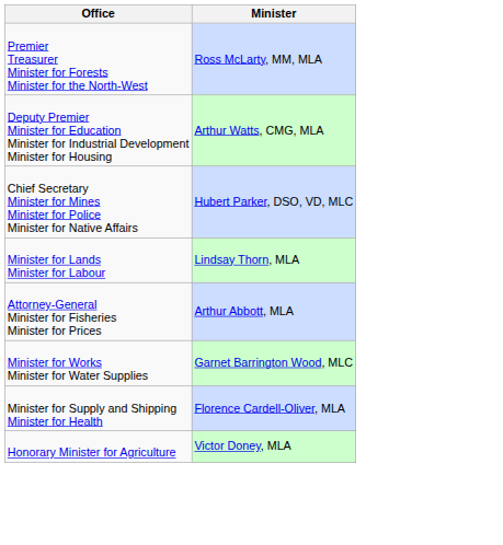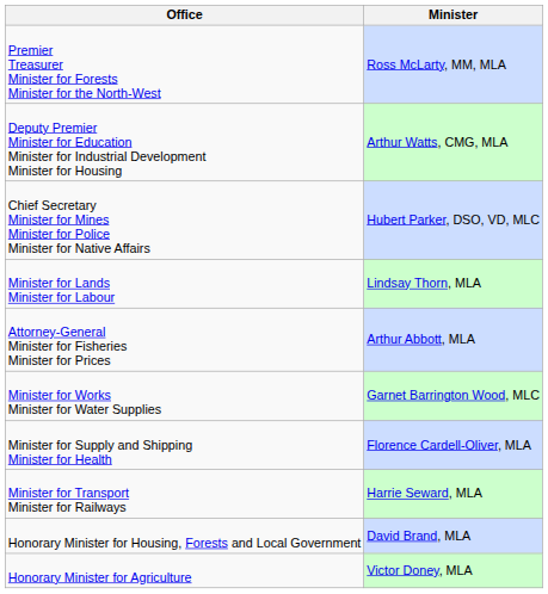 <table class="wikitable">
 <tr>
 <th>Office</th>
 <th>Minister</th>
 </tr>
 <tr>
 <td><br><a href='#'>Premier</a><br> <a href='#'>Treasurer</a><br> <a href='#'>Minister for Forests</a><br> <a href='#'>Minister for the North-West</a><br></td>
 <td style="background:#CCDDFF"><a href='#'>Ross McLarty</a>, MM, MLA</td>
 </tr>
 <tr>
 <td><br><a href='#'>Deputy Premier</a><br> <a href='#'>Minister for Education</a><br> Minister for Industrial Development<br> Minister for Housing<br></td>
 <td style="background:#CCFFCC"><a href='#'>Arthur Watts</a>, CMG, MLA</td>
 </tr>
 <tr>
 <td><br>Chief Secretary<br> <a href='#'>Minister for Mines</a><br> <a href='#'>Minister for Police</a><br> Minister for Native Affairs<br></td>
 <td style="background:#CCDDFF"><a href='#'>Hubert Parker</a>, DSO, VD, MLC</td>
 </tr>
 <tr>
 <td><br><a href='#'>Minister for Lands</a><br> <a href='#'>Minister for Labour</a><br></td>
 <td style="background:#CCFFCC"><a href='#'>Lindsay Thorn</a>, MLA</td>
 </tr>
 <tr>
 <td><br><a href='#'>Attorney-General</a><br> Minister for Fisheries<br> Minister for Prices<br></td>
 <td style="background:#CCDDFF"><a href='#'>Arthur Abbott</a>, MLA</td>
 </tr>
 <tr>
 <td><br><a href='#'>Minister for Works</a><br> Minister for Water Supplies<br></td>
 <td style="background:#CCFFCC"><a href='#'>Garnet Barrington Wood</a>, MLC</td>
 </tr>
 <tr>
 <td><br>Minister for Supply and Shipping<br> <a href='#'>Minister for Health</a><br></td>
 <td style="background:#CCDDFF"><a href='#'>Florence Cardell-Oliver</a>, MLA</td>
 </tr>
 <tr>
+<td><br><a href='#'>Minister for Transport</a><br> Minister for Railways<br></td>
+<td style="background:#CCFFCC"><a href='#'>Harrie Seward</a>, MLA</td>
+</tr>
+<tr>
+<td><br>Honorary Minister for Housing, <a href='#'>Forests</a> and Local Government</td>
+<td style="background:#CCDDFF"><a href='#'>David Brand</a>, MLA</td>
+</tr>
+<tr>
 <td><br><a href='#'>Honorary Minister for Agriculture</a><br></td>
 <td style="background:#CCFFCC"><a href='#'>Victor Doney</a>, MLA</td>
 </tr>
 </table>
